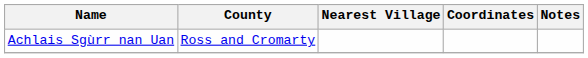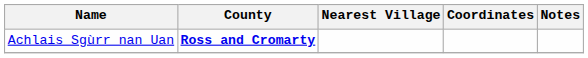 <table class="wikitable sortable" style="table-layout:fixed;background-color:#FEFEFE;font-size:95%;padding:0.30em;line-height:1.35em;">
 <tr>
 <th scope="col">Name</th>
 <th scope="col">County</th>
 <th scope="col">Nearest Village</th>
 <th scope="col" data-sort-type="number">Coordinates</th>
 <th scope="col">Notes</th>
 </tr>
 <tr>
 <td><a href='#'>Achlais Sgùrr nan Uan</a></td>
-<td><a href='#'>Ross and Cromarty</a></td>
+<td><strong><a href='#'>Ross and Cromarty</a></strong></td>
 <td></td>
 <td></td>
 <td></td>
 </tr>
 <tr>
 </tr>
 </table>
